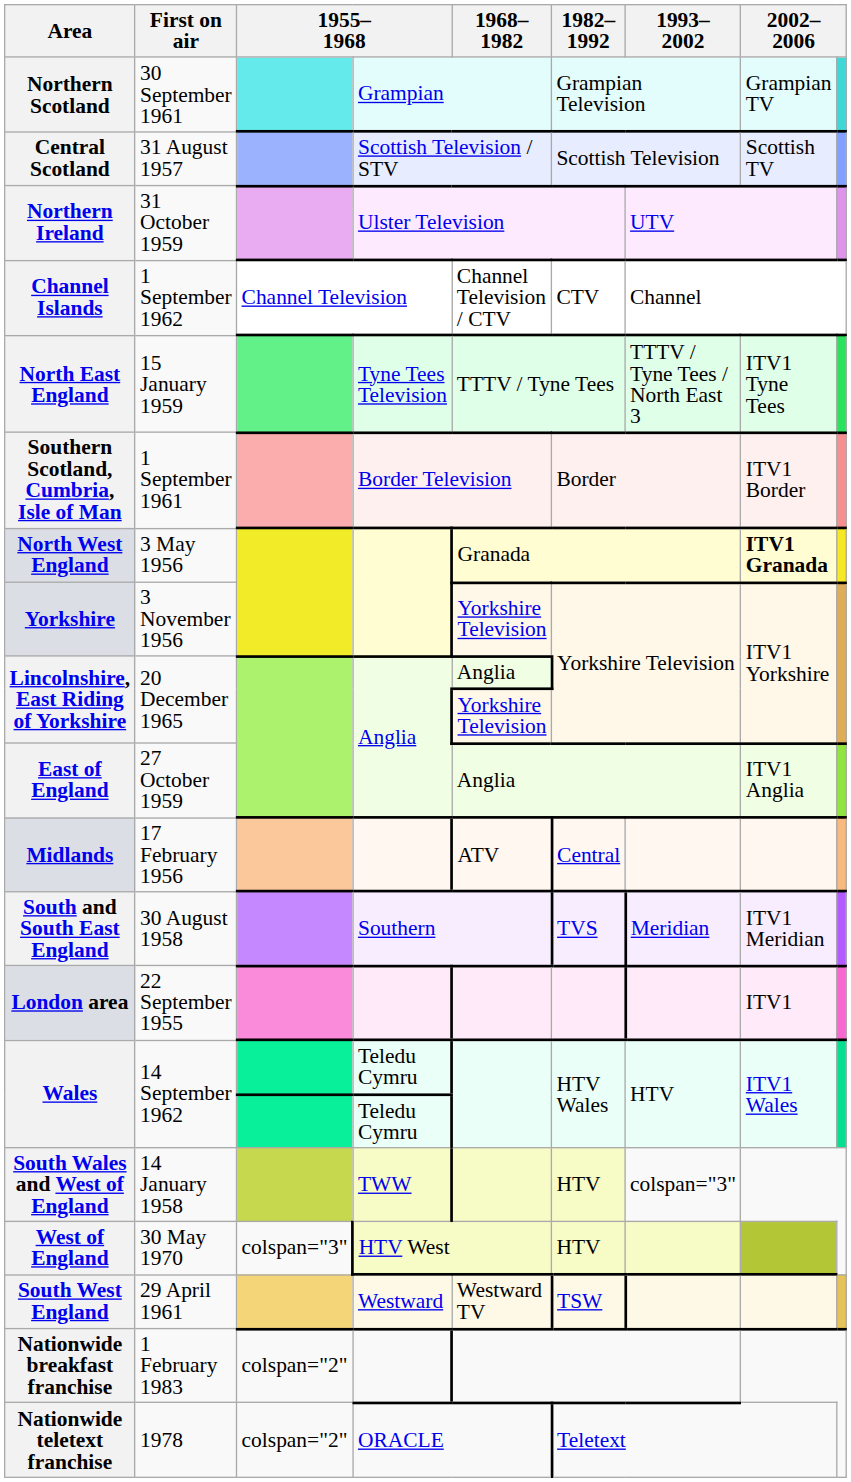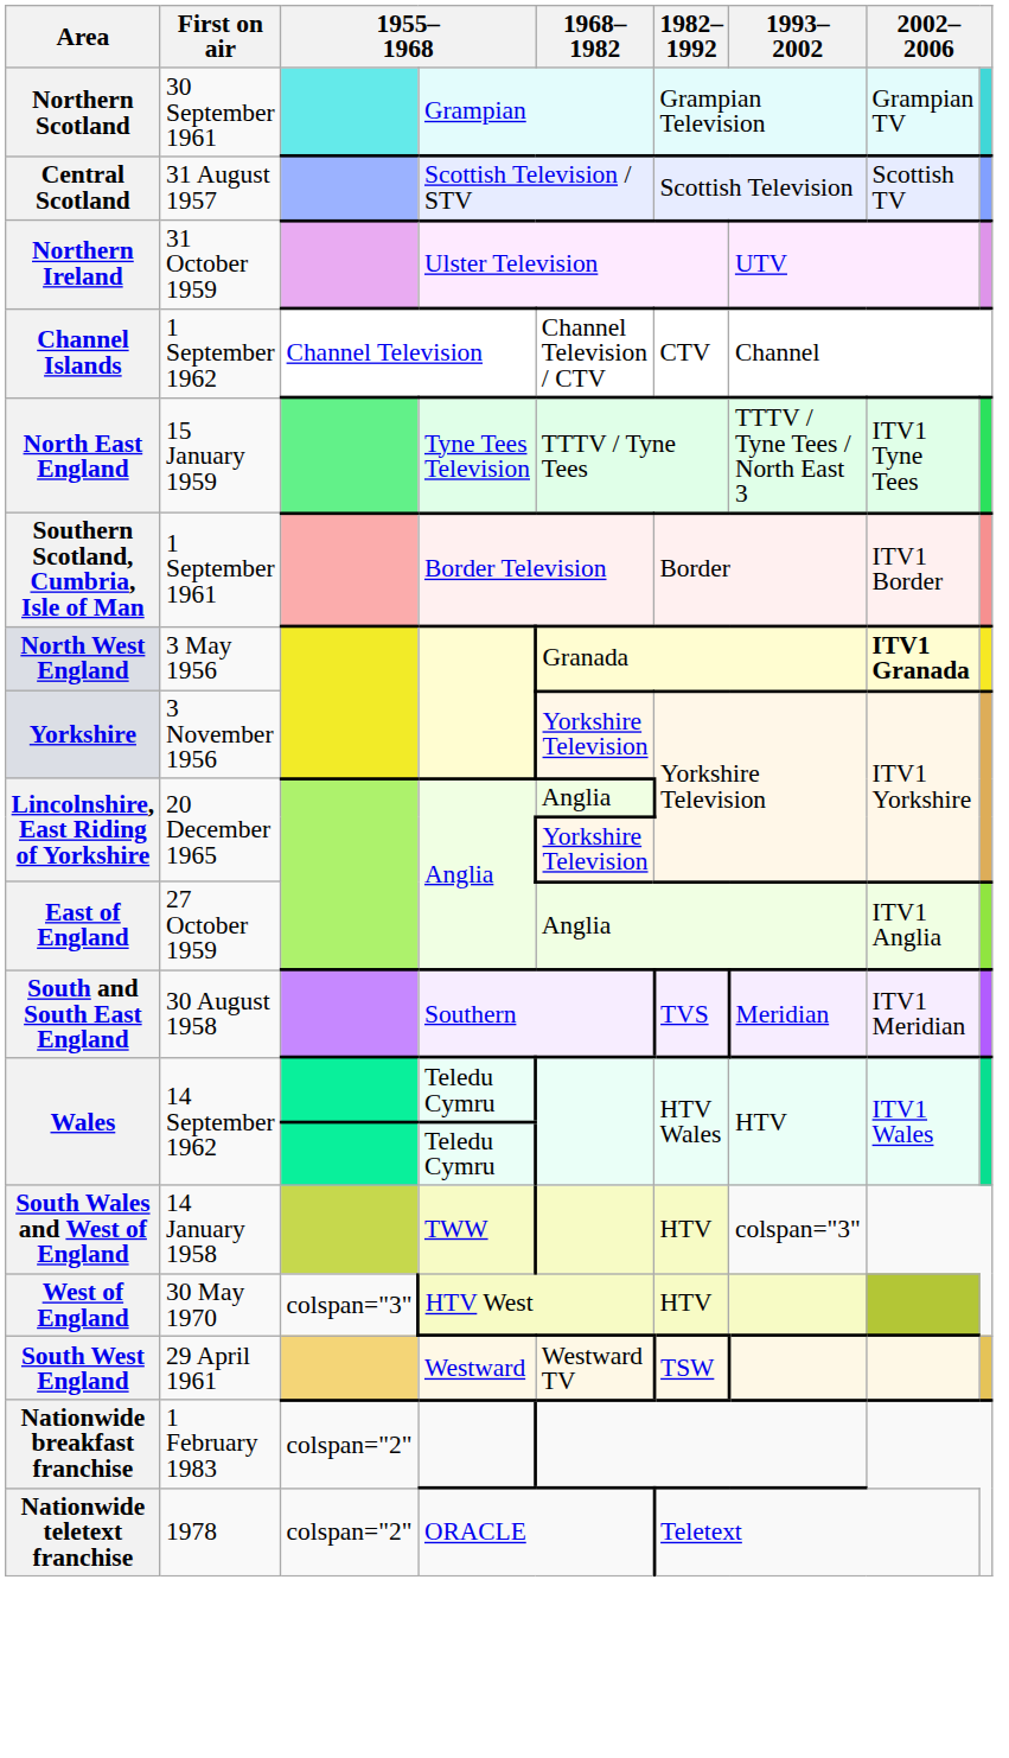 <table class="wikitable sortable" style="line-height:100%;">
 <tr>
 <th>Area</th>
 <th data-sort-type=date>First on air</th>
 <th colspan="2">1955–<br>1968</th>
 <th>1968–<br>1982</th>
 <th>1982–<br>1992</th>
 <th>1993–<br>2002</th>
 <th colspan="2">2002–<br>2006</th>
 </tr>
 <tr>
 <th scope="row">Northern Scotland</th>
 <td>30 September 1961</td>
 <td style="background:#64eaea; border-bottom: 2px solid black"></td>
 <td colspan="2" style="border-bottom: 2px solid black; background:#e3fcfc;"><a href='#'>Grampian</a></td>
 <td colspan="2" style="border-bottom: 2px solid black; background:#e3fcfc;">Grampian Television</td>
 <td style="border-bottom: 2px solid black; background:#e3fcfc;">Grampian TV</td>
 <td style="background:#40d7d7; border-bottom: 2px solid black";></td>
 </tr>
 <tr>
 <th scope="row">Central Scotland</th>
 <td>31 August 1957</td>
 <td style="background:#9bb2ff; border-bottom: 2px solid black";></td>
 <td colspan="2" style="border-bottom: 2px solid black; background:#e7ecff;"><a href='#'>Scottish Television</a> / STV</td>
 <td colspan="2" style="border-bottom: 2px solid black; background:#e7ecff;">Scottish Television</td>
 <td style="border-bottom: 2px solid black; background:#e7ecff;">Scottish TV</td>
 <td style="background:#82a0ff; border-bottom: 2px solid black";></td>
 </tr>
 <tr>
 <th scope="row"><a href='#'>Northern Ireland</a></th>
 <td>31 October 1959</td>
 <td style="background:#e9abf2; border-bottom: 2px solid black;"></td>
 <td colspan="3" style="border-bottom: 2px solid black; background:#feeaff;"><a href='#'>Ulster Television</a></td>
 <td colspan="2" style="border-bottom: 2px solid black; background:#feeaff;"><a href='#'>UTV</a></td>
 <td style="background:#de94ea; border-bottom: 2px solid black;"></td>
 </tr>
 <tr>
 <th scope="row"><a href='#'>Channel Islands</a></th>
 <td>1 September 1962</td>
 <td colspan="2" style="border-bottom: 2px solid black; background:white;"><a href='#'>Channel Television</a></td>
 <td style="border-bottom: 2px solid black; background:white;">Channel Television / CTV</td>
 <td style="border-bottom: 2px solid black; background:white;">CTV</td>
 <td colspan="3" style="border-bottom: 2px solid black; background:white;">Channel</td>
 </tr>
 <tr>
 <th scope="row"><a href='#'>North East England</a></th>
 <td>15 January 1959</td>
 <td style="background:#62f189; border-bottom: 2px solid black;"></td>
 <td style="border-bottom: 2px solid black; background:#e0ffe8;"><a href='#'>Tyne Tees Television</a></td>
 <td colspan="2" style="border-bottom: 2px solid black; background:#e0ffe8;">TTTV / Tyne Tees</td>
 <td style="border-bottom: 2px solid black; background:#e0ffe8;">TTTV / Tyne Tees / North East 3</td>
 <td style="border-bottom: 2px solid black; background:#e0ffe8;">ITV1 Tyne Tees</td>
 <td style="background:#2be15d; border-bottom: 2px solid black;"></td>
 </tr>
 <tr>
 <th scope="row">Southern Scotland,<br><a href='#'>Cumbria</a>, <a href='#'>Isle of Man</a></th>
 <td>1 September 1961</td>
 <td style="background:#fbacac; border-bottom: 2px solid black;"></td>
 <td colspan="2" style="border-bottom: 2px solid black; background:#fff0f0;"><a href='#'>Border Television</a></td>
 <td colspan="2" style="border-bottom: 2px solid black; background:#fff0f0;">Border</td>
 <td style="border-bottom: 2px solid black; background:#fff0f0;">ITV1 Border</td>
 <td style="background:#f69090; border-bottom: 2px solid black;"></td>
 </tr>
 <tr>
 <th scope="row" style="background:#dbdee5;"><a href='#'>North West England</a></th>
 <td>3 May 1956</td>
 <td rowspan="2" style="background:#f2eb28; border-bottom: 2px solid black;"></td>
 <td rowspan="2" style="border-right: 2px solid black; border-bottom: 2px solid black; background:#fffdd1;"></td>
 <td colspan="3" style="border-bottom: 2px solid black; background:#fffdd1;">Granada</td>
 <td style="border-bottom: 2px solid black; background:#fffdd1;"><strong>ITV1 Granada</strong></td>
 <td style="background:#f6e824; border-bottom: 2px solid black;"></td>
 </tr>
 <tr>
 <th scope="row" style="background:#dbdee5;"><a href='#'>Yorkshire</a></th>
 <td>3 November 1956</td>
 <td style="border-bottom: 2px solid black; background:#fff7e8;"><a href='#'>Yorkshire Television</a></td>
 <td colspan="2" rowspan="3" style="border-bottom: 2px solid black; background:#fff7e8;">Yorkshire Television</td>
 <td rowspan="3" style="border-bottom: 2px solid black; background:#fff7e8;">ITV1 Yorkshire</td>
 <td rowspan="3" style="background:#ddad59; border-bottom: 2px solid black;"></td>
 </tr>
 <tr>
 <th scope="row" rowspan="2"><a href='#'>Lincolnshire</a>, <a href='#'>East Riding of Yorkshire</a></th>
 <td rowspan="2">20 December 1965</td>
 <td rowspan="3" style="background:#adf26c; border-bottom: 2px solid black;"></td>
 <td rowspan="3" style="border-bottom: 2px solid black; background:#f0ffe3;"><a href='#'>Anglia</a></td>
 <td style="border-right: 2px solid black; border-bottom: 2px solid black; background:#f0ffe3;">Anglia <em></em></td>
 </tr>
 <tr>
 <td style="border-left: 2px solid black; border-top: 2px solid black; border-bottom: 2px solid black; background:#fff7e8;"><a href='#'>Yorkshire Television</a> <em></em></td>
 </tr>
 <tr>
 <th scope="row"><a href='#'>East of England</a></th>
 <td>27 October 1959</td>
 <td colspan="3" style="border-bottom: 2px solid black; background:#f0ffe3;">Anglia</td>
 <td style="border-bottom: 2px solid black; background:#f0ffe3;">ITV1 Anglia</td>
 <td style="background:#90e540; border-bottom: 2px solid black;"></td>
 </tr>
 <tr>
-<th scope="row" style="background:#dbdee5;"><a href='#'>Midlands</a></th>
-<td>17 February 1956</td>
-<td style="background:#fbc89b; border-bottom: 2px solid black;"></td>
-<td style="border-bottom: 2px solid black; background:#fff7f0;"></td>
-<td style="border-left: 2px solid black; border-right: 2px solid black; border-bottom: 2px solid black; background:#fff7f0;">ATV</td>
-<td style="border-bottom: 2px solid black; background:#fff7f0;"><a href='#'>Central</a></td>
-<td style="border-bottom: 2px solid black; background:#fff7f0;"></td>
-<td style="border-bottom: 2px solid black; background:#fff7f0;"></td>
-<td style="background:#f9ba7f; border-bottom: 2px solid black;"></td>
-</tr>
-<tr>
 <th scope="row"><a href='#'>South</a> and <a href='#'>South East England</a></th>
 <td>30 August 1958</td>
 <td style="background:#c688ff; border-bottom: 2px solid black;"></td>
 <td colspan="2" style="border-bottom: 2px solid black; background:#f7edff;"><a href='#'>Southern</a></td>
 <td style="border-left: 2px solid black; border-right: 2px solid black; border-bottom: 2px solid black; background:#f7edff;"><a href='#'>TVS</a></td>
 <td style="border-bottom: 2px solid black; background:#f7edff;"><a href='#'>Meridian</a></td>
 <td style="border-bottom: 2px solid black; background:#f7edff;">ITV1 Meridian</td>
 <td style="background:#b25cff; border-bottom: 2px solid black;"></td>
-</tr>
-<tr>
-<th scope="row" style="background:#dbdee5;"><a href='#'>London</a> area</th>
-<td>22 September 1955</td>
-<td style="background:#fa8ada; border-bottom: 2px solid black;"></td>
-<td style="border-bottom: 2px solid black; background:#ffeaf9;"></td>
-<td style="border-left: 2px solid black; border-bottom: 2px solid black; background:#ffeaf9;"></td>
-<td style="border-bottom: 2px solid black; background:#ffeaf9;"></td>
-<td style="border-left: 2px solid black; border-bottom: 2px solid black; background:#ffeaf9;"></td>
-<td style="border-bottom: 2px solid black; background:#ffeaf9;">ITV1 </td>
-<td style="background:#f866cf; border-bottom: 2px solid black;"></td>
 </tr>
 <tr>
 <th scope="row" rowspan="2"><a href='#'>Wales</a></th>
 <td rowspan="2">14 September 1962</td>
 <td style="background:#09f09b; border-bottom: 2px solid black;"></td>
 <td style="border-bottom: 2px solid black; background:#eafff7;">Teledu Cymru </td>
 <td rowspan="2" style="border-left: 2px solid black; background:#eafff7;"></td>
 <td rowspan="2" style="background:#eafff7;">HTV Wales</td>
 <td rowspan="2" style="background:#eafff7;">HTV </td>
 <td rowspan="2" style="background:#eafff7;"><a href='#'>ITV1 Wales</a></td>
 <td rowspan="2" style="background:#08de90;"></td>
 </tr>
 <tr>
 <td style="background:#09f09b;"></td>
 <td style="background:#eafff7;">Teledu Cymru </td>
 </tr>
 <tr>
 <th scope="row" style="font-weight: normal;"><strong><a href='#'>South Wales</a> and <a href='#'>West of England</a></strong><br><em></em></th>
 <td>14 January 1958</td>
 <td style="background:#c6d84d;"></td>
 <td style="background:#f7fbc5;"><a href='#'>TWW</a> </td>
 <td style="border-left: 2px solid black; background:#f7fbc5;"></td>
 <td style="background:#f7fbc5;">HTV <em></em></td>
 <td>colspan="3" </td>
 </tr>
 <tr>
 <th scope="row" style="font-weight: normal;"><strong> <a href='#'>West of England</a></strong><br><em></em></th>
 <td>30 May 1970</td>
 <td>colspan="3" </td>
 <td colspan="2" style="border-bottom: 2px solid black; border-left: 2px solid black; background:#f7fbc5;"><a href='#'>HTV</a> West</td>
 <td style="border-bottom: 2px solid black; background:#f7fbc5;">HTV </td>
 <td style="border-bottom: 2px solid black; background:#f7fbc5;"></td>
 <td style="background:#b3c636; border-bottom: 2px solid black;"></td>
 </tr>
 <tr>
 <th scope="row"><a href='#'>South West England</a></th>
 <td>29 April 1961</td>
 <td style="background:#f4d577; border-bottom: 2px solid black;"></td>
 <td style="border-bottom: 2px solid black; border-top: 2px solid black; background:#fef8e6;"><a href='#'>Westward</a></td>
 <td style="border-bottom: 2px solid black; background:#fef8e6;">Westward TV</td>
 <td style="border-left: 2px solid black; border-bottom: 2px solid black; background:#fef8e6;"><a href='#'>TSW</a></td>
 <td style="border-left: 2px solid black; border-bottom: 2px solid black; background:#fef8e6;"></td>
 <td style="border-bottom: 2px solid black; background:#fef8e6;;"></td>
 <td style="background:#e5c358; border-bottom: 2px solid black;"></td>
 </tr>
 <tr>
 <th scope="row">Nationwide breakfast franchise</th>
 <td>1 February 1983</td>
 <td>colspan="2" </td>
 <td style="border-bottom: 2px solid black"></td>
 <td colspan="3" style="border-left: 2px solid black; border-bottom: 2px solid black"></td>
 </tr>
 <tr>
 <th scope="row">Nationwide teletext franchise</th>
 <td>1978</td>
 <td>colspan="2" </td>
 <td colspan="2"><a href='#'>ORACLE</a></td>
 <td colspan="3" style="border-left: 2px solid black"><a href='#'>Teletext</a></td>
 </tr>
 </table>
